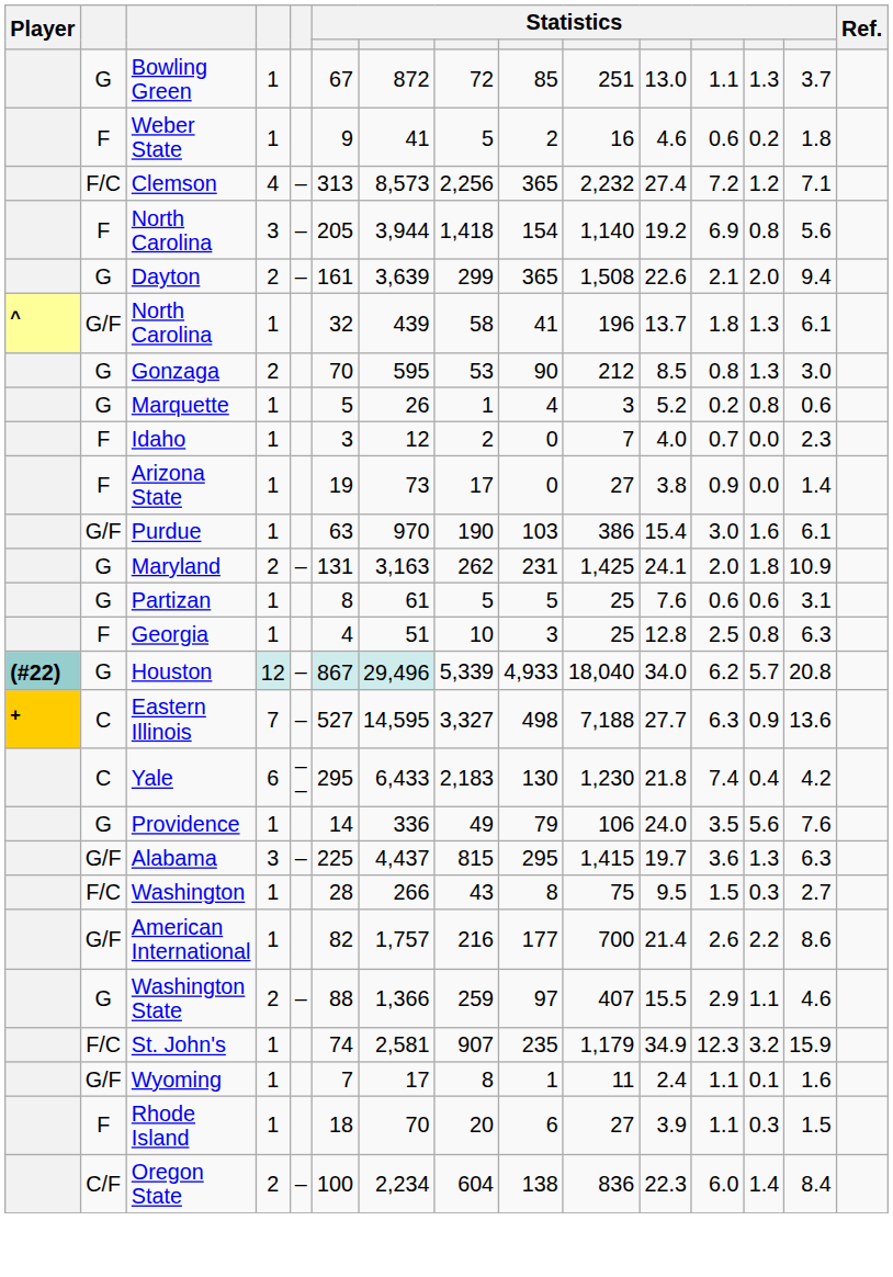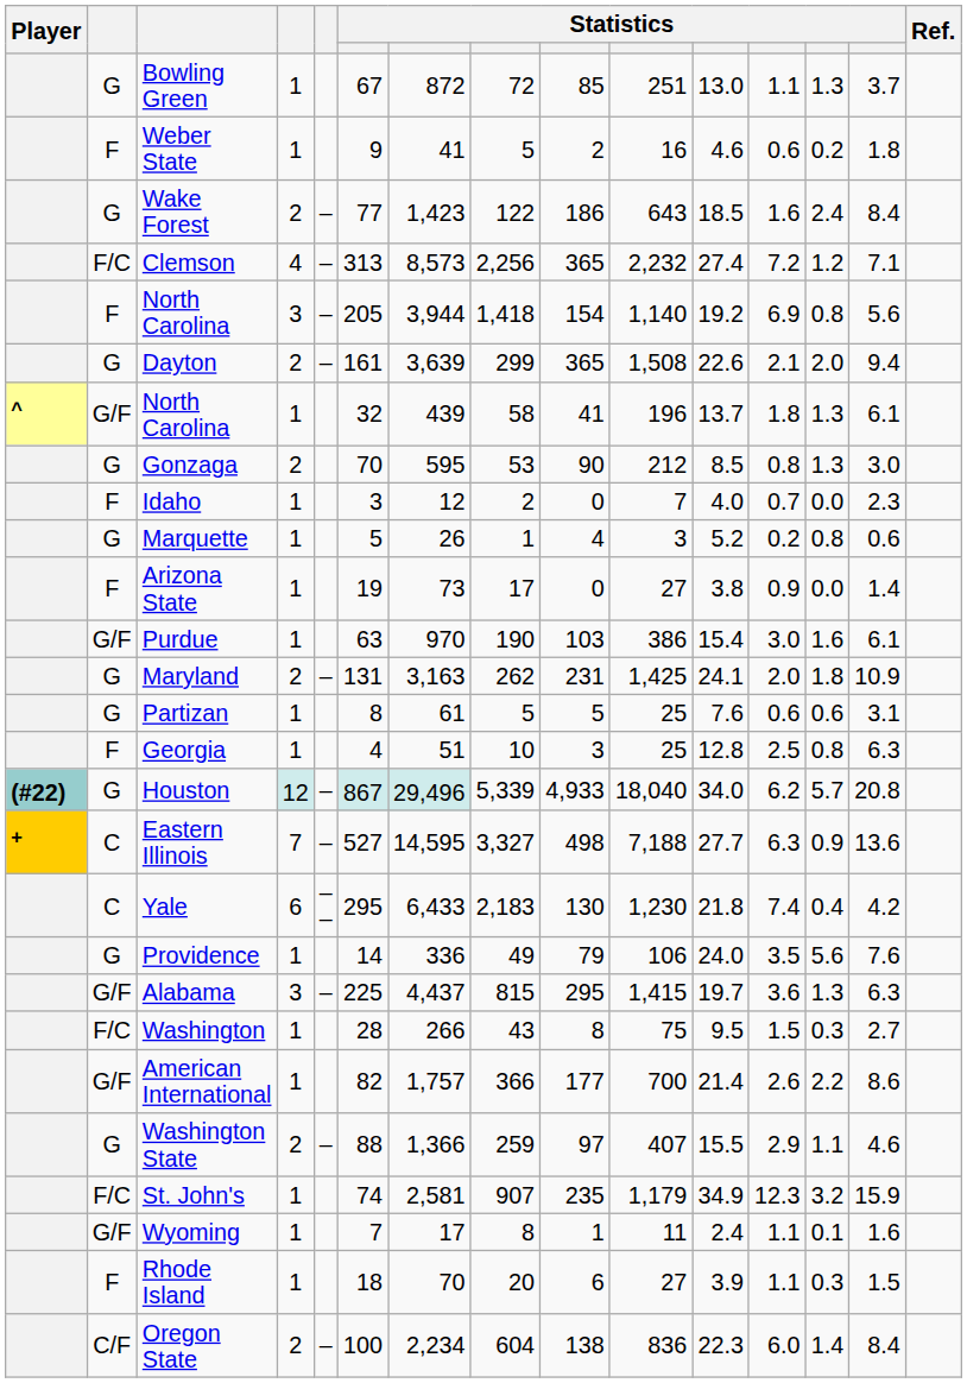 <table class="wikitable sortable" style="font-size:95%; text-align:right;">
 <tr>
 <th scope=col rowspan="2">Player</th>
 <th scope=col rowspan="2"></th>
 <th scope=col rowspan="2"></th>
 <th scope=col rowspan="2"></th>
 <th scope=col rowspan="2"></th>
 <th scope=colgroup colspan="9">Statistics</th>
 <th scope=col rowspan="2">Ref.</th>
 </tr>
 <tr>
 <th scope=col></th>
 <th scope=col></th>
 <th scope=col></th>
 <th scope=col></th>
 <th scope=col></th>
 <th scope=col></th>
 <th scope=col></th>
 <th scope=col></th>
 <th scope=col></th>
 </tr>
 <tr>
 <th scope=row style="text-align:left;"></th>
 <td align="center">G</td>
 <td align="left"><a href='#'>Bowling Green</a></td>
 <td align="center">1</td>
 <td align="center"></td>
 <td>67</td>
 <td>872</td>
 <td>72</td>
 <td>85</td>
 <td>251</td>
 <td>13.0</td>
 <td>1.1</td>
 <td>1.3</td>
 <td>3.7</td>
 <td align=center></td>
 </tr>
 <tr>
 <th scope=row style="text-align:left;"></th>
 <td align="center">F</td>
 <td align="left"><a href='#'>Weber State</a></td>
 <td align="center">1</td>
 <td align="center"></td>
 <td>9</td>
 <td>41</td>
 <td>5</td>
 <td>2</td>
 <td>16</td>
 <td>4.6</td>
 <td>0.6</td>
 <td>0.2</td>
 <td>1.8</td>
+<td align=center></td>
+</tr>
+<tr>
+<th scope=row style="text-align:left;"></th>
+<td align="center">G</td>
+<td align="left"><a href='#'>Wake Forest</a></td>
+<td align="center">2</td>
+<td align="center">–</td>
+<td>77</td>
+<td>1,423</td>
+<td>122</td>
+<td>186</td>
+<td>643</td>
+<td>18.5</td>
+<td>1.6</td>
+<td>2.4</td>
+<td>8.4</td>
 <td align=center></td>
 </tr>
 <tr>
 <th scope=row style="text-align:left;"></th>
 <td align="center">F/C</td>
 <td align="left"><a href='#'>Clemson</a></td>
 <td align="center">4</td>
 <td align="center">–</td>
 <td>313</td>
 <td>8,573</td>
 <td>2,256</td>
 <td>365</td>
 <td>2,232</td>
 <td>27.4</td>
 <td>7.2</td>
 <td>1.2</td>
 <td>7.1</td>
 <td align=center></td>
 </tr>
 <tr>
 <th scope=row style="text-align:left;"></th>
 <td align="center">F</td>
 <td align="left"><a href='#'>North Carolina</a></td>
 <td align="center">3</td>
 <td align="center">–</td>
 <td>205</td>
 <td>3,944</td>
 <td>1,418</td>
 <td>154</td>
 <td>1,140</td>
 <td>19.2</td>
 <td>6.9</td>
 <td>0.8</td>
 <td>5.6</td>
 <td align=center></td>
 </tr>
 <tr>
 <th scope=row style="text-align:left;"></th>
 <td align="center">G</td>
 <td align="left"><a href='#'>Dayton</a></td>
 <td align="center">2</td>
 <td align="center">–</td>
 <td>161</td>
 <td>3,639</td>
 <td>299</td>
 <td>365</td>
 <td>1,508</td>
 <td>22.6</td>
 <td>2.1</td>
 <td>2.0</td>
 <td>9.4</td>
 <td align=center></td>
 </tr>
 <tr>
 <th scope=row style="text-align:left; background-color:#FFFF99;"><sup>^</sup></th>
 <td align="center">G/F</td>
 <td align="left"><a href='#'>North Carolina</a></td>
 <td align="center">1</td>
 <td align="center"></td>
 <td>32</td>
 <td>439</td>
 <td>58</td>
 <td>41</td>
 <td>196</td>
 <td>13.7</td>
 <td>1.8</td>
 <td>1.3</td>
 <td>6.1</td>
 <td align=center></td>
 </tr>
 <tr>
 <th scope=row style="text-align:left;"></th>
 <td align="center">G</td>
 <td align="left"><a href='#'>Gonzaga</a></td>
 <td align="center">2</td>
 <td align="center"><br></td>
 <td>70</td>
 <td>595</td>
 <td>53</td>
 <td>90</td>
 <td>212</td>
 <td>8.5</td>
 <td>0.8</td>
 <td>1.3</td>
 <td>3.0</td>
 <td align=center></td>
 </tr>
 <tr>
 <th scope=row style="text-align:left;"></th>
+<td align="center">F</td>
+<td align="left"><a href='#'>Idaho</a></td>
+<td align="center">1</td>
+<td align="center"></td>
+<td>3</td>
+<td>12</td>
+<td>2</td>
+<td>0</td>
+<td>7</td>
+<td>4.0</td>
+<td>0.7</td>
+<td>0.0</td>
+<td>2.3</td>
+<td align=center></td>
+</tr>
+<tr>
+<th scope=row style="text-align:left;"></th>
 <td align="center">G</td>
 <td align="left"><a href='#'>Marquette</a></td>
 <td align="center">1</td>
 <td align="center"></td>
 <td>5</td>
 <td>26</td>
 <td>1</td>
 <td>4</td>
 <td>3</td>
 <td>5.2</td>
 <td>0.2</td>
 <td>0.8</td>
 <td>0.6</td>
-<td align=center></td>
-</tr>
-<tr>
-<th scope=row style="text-align:left;"></th>
-<td align="center">F</td>
-<td align="left"><a href='#'>Idaho</a></td>
-<td align="center">1</td>
-<td align="center"></td>
-<td>3</td>
-<td>12</td>
-<td>2</td>
-<td>0</td>
-<td>7</td>
-<td>4.0</td>
-<td>0.7</td>
-<td>0.0</td>
-<td>2.3</td>
 <td align=center></td>
 </tr>
 <tr>
 <th scope=row style="text-align:left;"></th>
 <td align="center">F</td>
 <td align="left"><a href='#'>Arizona State</a></td>
 <td align="center">1</td>
 <td align="center"></td>
 <td>19</td>
 <td>73</td>
 <td>17</td>
 <td>0</td>
 <td>27</td>
 <td>3.8</td>
 <td>0.9</td>
 <td>0.0</td>
 <td>1.4</td>
 <td align=center></td>
 </tr>
 <tr>
 <th scope=row style="text-align:left;"></th>
 <td align="center">G/F</td>
 <td align="left"><a href='#'>Purdue</a></td>
 <td align="center">1</td>
 <td align="center"></td>
 <td>63</td>
 <td>970</td>
 <td>190</td>
 <td>103</td>
 <td>386</td>
 <td>15.4</td>
 <td>3.0</td>
 <td>1.6</td>
 <td>6.1</td>
 <td align=center></td>
 </tr>
 <tr>
 <th scope=row style="text-align:left;"></th>
 <td align="center">G</td>
 <td align="left"><a href='#'>Maryland</a></td>
 <td align="center">2</td>
 <td align="center">–</td>
 <td>131</td>
 <td>3,163</td>
 <td>262</td>
 <td>231</td>
 <td>1,425</td>
 <td>24.1</td>
 <td>2.0</td>
 <td>1.8</td>
 <td>10.9</td>
 <td align=center></td>
 </tr>
 <tr>
 <th scope=row style="text-align:left;"></th>
 <td align="center">G</td>
 <td align="left"> <a href='#'>Partizan</a></td>
 <td align="center">1</td>
 <td align="center"></td>
 <td>8</td>
 <td>61</td>
 <td>5</td>
 <td>5</td>
 <td>25</td>
 <td>7.6</td>
 <td>0.6</td>
 <td>0.6</td>
 <td>3.1</td>
 <td align=center></td>
 </tr>
 <tr>
 <th scope=row style="text-align:left;"></th>
 <td align="center">F</td>
 <td align="left"><a href='#'>Georgia</a></td>
 <td align="center">1</td>
 <td align="center"></td>
 <td>4</td>
 <td>51</td>
 <td>10</td>
 <td>3</td>
 <td>25</td>
 <td>12.8</td>
 <td>2.5</td>
 <td>0.8</td>
 <td>6.3</td>
 <td align=center></td>
 </tr>
 <tr>
 <th scope=row style="text-align:left; background-color:#96cdcd;"><sup></sup> (#22)</th>
 <td align="center">G</td>
 <td align="left"><a href='#'>Houston</a></td>
 <td align="center" bgcolor="#CFECEC">12<sup></sup></td>
 <td align="center">–</td>
 <td bgcolor="#CFECEC">867<sup></sup></td>
 <td bgcolor="#CFECEC">29,496<sup></sup></td>
 <td>5,339</td>
 <td>4,933</td>
 <td>18,040</td>
 <td>34.0</td>
 <td>6.2</td>
 <td>5.7</td>
 <td>20.8</td>
 <td align=center></td>
 </tr>
 <tr>
 <th scope=row style="text-align:left; background-color:#FFCC00;"><sup>+</sup></th>
 <td align="center">C</td>
 <td align="left"><a href='#'>Eastern Illinois</a></td>
 <td align="center">7</td>
 <td align="center">–</td>
 <td>527</td>
 <td>14,595</td>
 <td>3,327</td>
 <td>498</td>
 <td>7,188</td>
 <td>27.7</td>
 <td>6.3</td>
 <td>0.9</td>
 <td>13.6</td>
 <td align=center></td>
 </tr>
 <tr>
 <th scope=row style="text-align:left;"></th>
 <td align="center">C</td>
 <td align="left"><a href='#'>Yale</a></td>
 <td align="center">6</td>
 <td align="center">–<br>–</td>
 <td>295</td>
 <td>6,433</td>
 <td>2,183</td>
 <td>130</td>
 <td>1,230</td>
 <td>21.8</td>
 <td>7.4</td>
 <td>0.4</td>
 <td>4.2</td>
 <td align=center></td>
 </tr>
 <tr>
 <th scope=row style="text-align:left;"></th>
 <td align="center">G</td>
 <td align="left"><a href='#'>Providence</a></td>
 <td align="center">1</td>
 <td align="center"></td>
 <td>14</td>
 <td>336</td>
 <td>49</td>
 <td>79</td>
 <td>106</td>
 <td>24.0</td>
 <td>3.5</td>
 <td>5.6</td>
 <td>7.6</td>
 <td align=center></td>
 </tr>
 <tr>
 <th scope=row style="text-align:left;"></th>
 <td align="center">G/F</td>
 <td align="left"><a href='#'>Alabama</a></td>
 <td align="center">3</td>
 <td align="center">–</td>
 <td>225</td>
 <td>4,437</td>
 <td>815</td>
 <td>295</td>
 <td>1,415</td>
 <td>19.7</td>
 <td>3.6</td>
 <td>1.3</td>
 <td>6.3</td>
 <td align=center></td>
 </tr>
 <tr>
 <th scope=row style="text-align:left;"></th>
 <td align="center">F/C</td>
 <td align="left"><a href='#'>Washington</a></td>
 <td align="center">1</td>
 <td align="center"></td>
 <td>28</td>
 <td>266</td>
 <td>43</td>
 <td>8</td>
 <td>75</td>
 <td>9.5</td>
 <td>1.5</td>
 <td>0.3</td>
 <td>2.7</td>
 <td align=center></td>
 </tr>
 <tr>
 <th scope=row style="text-align:left;"></th>
 <td align="center">G/F</td>
 <td align="left"><a href='#'>American International</a></td>
 <td align="center">1</td>
 <td align="center"></td>
 <td>82</td>
 <td>1,757</td>
-<td>216</td>
+<td>366</td>
 <td>177</td>
 <td>700</td>
 <td>21.4</td>
 <td>2.6</td>
 <td>2.2</td>
 <td>8.6</td>
 <td align=center></td>
 </tr>
 <tr>
 <th scope=row style="text-align:left;"></th>
 <td align="center">G</td>
 <td align="left"><a href='#'>Washington State</a></td>
 <td align="center">2</td>
 <td align="center">–</td>
 <td>88</td>
 <td>1,366</td>
 <td>259</td>
 <td>97</td>
 <td>407</td>
 <td>15.5</td>
 <td>2.9</td>
 <td>1.1</td>
 <td>4.6</td>
 <td align=center></td>
 </tr>
 <tr>
 <th scope=row style="text-align:left;"></th>
 <td align="center">F/C</td>
 <td align="left"><a href='#'>St. John's</a></td>
 <td align="center">1</td>
 <td align="center"></td>
 <td>74</td>
 <td>2,581</td>
 <td>907</td>
 <td>235</td>
 <td>1,179</td>
 <td>34.9</td>
 <td>12.3</td>
 <td>3.2</td>
 <td>15.9</td>
 <td align=center></td>
 </tr>
 <tr>
 <th scope=row style="text-align:left;"></th>
 <td align="center">G/F</td>
 <td align="left"><a href='#'>Wyoming</a></td>
 <td align="center">1</td>
 <td align="center"></td>
 <td>7</td>
 <td>17</td>
 <td>8</td>
 <td>1</td>
 <td>11</td>
 <td>2.4</td>
 <td>1.1</td>
 <td>0.1</td>
 <td>1.6</td>
 <td align=center></td>
 </tr>
 <tr>
 <th scope=row style="text-align:left;"></th>
 <td align="center">F</td>
 <td align="left"><a href='#'>Rhode Island</a></td>
 <td align="center">1</td>
 <td align="center"></td>
 <td>18</td>
 <td>70</td>
 <td>20</td>
 <td>6</td>
 <td>27</td>
 <td>3.9</td>
 <td>1.1</td>
 <td>0.3</td>
 <td>1.5</td>
 <td align=center></td>
 </tr>
 <tr>
 <th scope=row style="text-align:left;"></th>
 <td align="center">C/F</td>
 <td align="left"><a href='#'>Oregon State</a></td>
 <td align="center">2</td>
 <td align="center">–</td>
 <td>100</td>
 <td>2,234</td>
 <td>604</td>
 <td>138</td>
 <td>836</td>
 <td>22.3</td>
 <td>6.0</td>
 <td>1.4</td>
 <td>8.4</td>
 <td align=center></td>
 </tr>
 </table>
